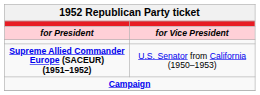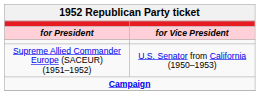 <table class="wikitable" style="font-size:90%; text-align:center;">
 <tr>
 <td style="background-color:#f1f1f1;" colspan="30"><big><strong>1952 Republican Party ticket</strong></big></td>
 </tr>
 <tr>
 <th style=" font-size:135%; background-color:#E81B23; width:200px;"><a href='#'></a></th>
 <th style=" font-size:135%; background-color:#E81B23; width:200px;"><a href='#'></a></th>
 </tr>
 <tr style="color:#000; font-size:100%; background-color:#FFD0D7;">
 <td style=" width:200px;"><strong><em>for President</em></strong></td>
 <td style=" width:200px;"><strong><em>for Vice President</em></strong></td>
 </tr>
 <tr>
 <td></td>
 <td></td>
 </tr>
 <tr>
-<td><strong><a href='#'>Supreme Allied Commander Europe</a> (SACEUR)<br>(1951–1952)</strong></td>
+<td><a href='#'>Supreme Allied Commander Europe</a> (SACEUR)<br>(1951–1952)</td>
 <td><a href='#'>U.S. Senator</a> from <a href='#'>California</a><br>(1950–1953)</td>
 </tr>
 <tr>
 <td colspan=2><a href='#'><strong>Campaign</strong></a></td>
 </tr>
 <tr>
 </tr>
 </table>
